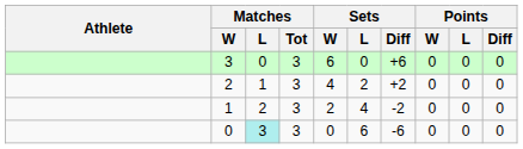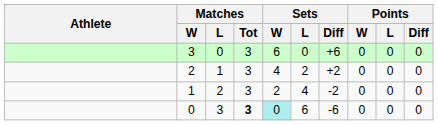 <table class=wikitable style="text-align:center">
 <tr>
 <th rowspan=2 width=220>Athlete</th>
 <th colspan=3 width=90>Matches</th>
 <th colspan=3 width=90>Sets</th>
 <th colspan=3 width=90>Points</th>
 </tr>
 <tr>
 <th width=30>W</th>
 <th width=30>L</th>
 <th width=30>Tot</th>
 <th width=30>W</th>
 <th width=30>L</th>
 <th width=30>Diff</th>
 <th width=30>W</th>
 <th width=30>L</th>
 <th width=30>Diff</th>
 </tr>
 <tr bgcolor=ccffcc>
 <td style="text-align:left"></td>
 <td>3</td>
 <td>0</td>
 <td>3</td>
 <td>6</td>
 <td>0</td>
 <td>+6</td>
 <td>0</td>
 <td>0</td>
 <td>0</td>
 </tr>
 <tr>
 <td style="text-align:left"></td>
 <td>2</td>
 <td>1</td>
 <td>3</td>
 <td>4</td>
 <td>2</td>
 <td>+2</td>
 <td>0</td>
 <td>0</td>
 <td>0</td>
 </tr>
 <tr>
 <td style="text-align:left"></td>
 <td>1</td>
 <td>2</td>
 <td>3</td>
 <td>2</td>
 <td>4</td>
 <td>-2</td>
 <td>0</td>
 <td>0</td>
 <td>0</td>
 </tr>
 <tr>
 <td style="text-align:left"></td>
 <td>0</td>
-<td style="background: paleturquoise;">3</td>
 <td>3</td>
-<td>0</td>
+<td><strong>3</strong></td>
+<td style="background: paleturquoise;">0</td>
 <td>6</td>
 <td>-6</td>
 <td>0</td>
 <td>0</td>
 <td>0</td>
 </tr>
 </table>
